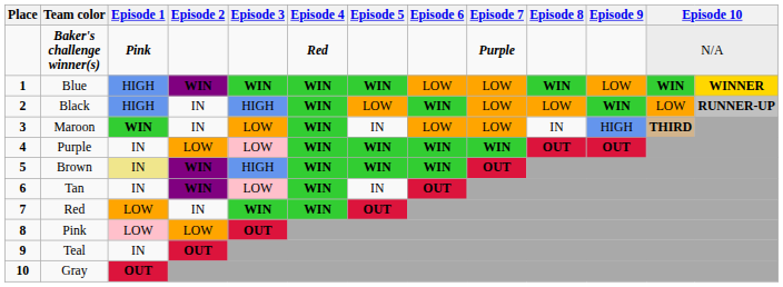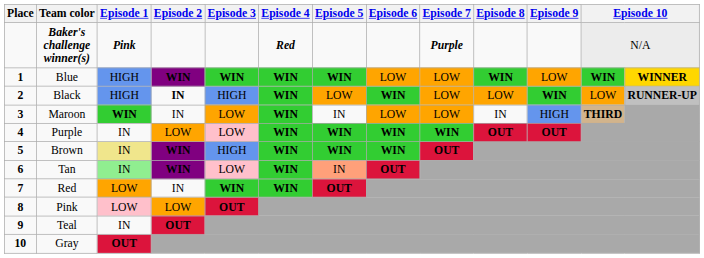 <table class="wikitable plainrowheaders" style="text-align:center;">
 <tr>
 <th scope="col">Place</th>
 <th scope="col">Team color</th>
 <th scope="col"><a href='#'>Episode 1</a></th>
 <th scope="col"><a href='#'>Episode 2</a></th>
 <th scope="col"><a href='#'>Episode 3</a></th>
 <th scope="col"><a href='#'>Episode 4</a></th>
 <th scope="col"><a href='#'>Episode 5</a></th>
 <th scope="col"><a href='#'>Episode 6</a></th>
 <th scope="col"><a href='#'>Episode 7</a></th>
 <th scope="col"><a href='#'>Episode 8</a></th>
 <th scope="col"><a href='#'>Episode 9</a></th>
 <th scope="col" colspan="2"><a href='#'>Episode 10</a></th>
 </tr>
 <tr>
 <td scope="row"></td>
 <td><strong><em>Baker's<br>challenge<br>winner(s)</em></strong></td>
 <td><span><strong><em>Pink</em></strong></span></td>
 <td></td>
 <td></td>
 <td><span><strong><em>Red</em></strong></span></td>
 <td></td>
 <td></td>
 <td><span><strong><em>Purple</em></strong></span></td>
 <td></td>
 <td></td>
 <td bgcolor="ECECEC" colspan="2">N/A</td>
 </tr>
 <tr>
 <td scope="row"><strong>1</strong></td>
 <td><span>Blue</span></td>
 <td bgcolor="cornflowerblue">HIGH</td>
 <td bgcolor="purple"><strong>WIN</strong></td>
 <td bgcolor="limegreen"><strong>WIN</strong></td>
 <td bgcolor="limegreen"><strong>WIN</strong></td>
 <td bgcolor="limegreen"><strong>WIN</strong></td>
 <td bgcolor="orange">LOW</td>
 <td bgcolor="orange">LOW</td>
 <td bgcolor="limegreen"><strong>WIN</strong></td>
 <td bgcolor="orange">LOW</td>
 <td bgcolor="limegreen"><strong>WIN</strong></td>
 <td bgcolor="gold"><strong>WINNER</strong></td>
 </tr>
 <tr>
 <td scope="row"><strong>2</strong></td>
 <td><span>Black</span></td>
 <td bgcolor="cornflowerblue">HIGH</td>
-<td>IN</td>
+<td><strong>IN</strong></td>
 <td bgcolor="cornflowerblue">HIGH</td>
 <td bgcolor="limegreen"><strong>WIN</strong></td>
 <td bgcolor="orange">LOW</td>
 <td bgcolor="limegreen"><strong>WIN</strong></td>
 <td bgcolor="orange">LOW</td>
 <td bgcolor="orange">LOW</td>
 <td bgcolor="limegreen"><strong>WIN</strong></td>
 <td bgcolor="orange">LOW</td>
 <td bgcolor="silver"><strong>RUNNER-UP</strong></td>
 </tr>
 <tr>
 <td scope="row"><strong>3</strong></td>
 <td><span>Maroon</span></td>
 <td bgcolor="limegreen"><strong>WIN</strong></td>
 <td>IN</td>
 <td bgcolor="orange">LOW</td>
 <td bgcolor="limegreen"><strong>WIN</strong></td>
 <td>IN</td>
 <td bgcolor="orange">LOW</td>
 <td bgcolor="orange">LOW</td>
 <td>IN</td>
 <td bgcolor="cornflowerblue">HIGH</td>
 <td bgcolor="tan"><strong>THIRD</strong></td>
 <td colspan="4" style="background:darkgrey;"></td>
 </tr>
 <tr>
 <td scope="row"><strong>4</strong></td>
 <td><span>Purple</span></td>
 <td>IN</td>
 <td bgcolor="orange">LOW</td>
 <td bgcolor="pink">LOW</td>
 <td bgcolor="limegreen"><strong>WIN</strong></td>
 <td bgcolor="limegreen"><strong>WIN</strong></td>
 <td bgcolor="limegreen"><strong>WIN</strong></td>
 <td bgcolor="limegreen"><strong>WIN</strong></td>
 <td bgcolor="crimson"><strong>OUT</strong></td>
 <td bgcolor="crimson"><strong>OUT</strong></td>
 <td colspan="4" style="background:darkgrey;"></td>
 </tr>
 <tr>
 <td scope="row"><strong>5</strong></td>
 <td><span>Brown</span></td>
 <td style="background: khaki;">IN</td>
 <td bgcolor="purple"><strong>WIN</strong></td>
 <td bgcolor="cornflowerblue">HIGH</td>
 <td bgcolor="limegreen"><strong>WIN</strong> </td>
 <td bgcolor="limegreen"><strong>WIN</strong></td>
 <td bgcolor="limegreen"><strong>WIN</strong></td>
 <td bgcolor="crimson"><strong>OUT</strong></td>
 <td colspan="5" style="background:darkgrey;"></td>
 </tr>
 <tr>
 <td scope="row"><strong>6</strong></td>
 <td><span>Tan</span></td>
-<td>IN</td>
+<td style="background: lightgreen;">IN</td>
 <td bgcolor="purple"><strong>WIN</strong></td>
 <td bgcolor="pink">LOW</td>
 <td bgcolor="limegreen"><strong>WIN</strong></td>
-<td>IN</td>
+<td style="background: lightsalmon;">IN</td>
 <td bgcolor="crimson"><strong>OUT</strong></td>
 <td colspan="6" style="background:darkgrey;"></td>
 </tr>
 <tr>
 <td scope="row"><strong>7</strong></td>
 <td><span>Red</span></td>
 <td bgcolor="orange">LOW</td>
 <td>IN</td>
 <td bgcolor="limegreen"><strong>WIN</strong></td>
 <td bgcolor="limegreen"><strong>WIN</strong></td>
 <td bgcolor="crimson"><strong>OUT</strong></td>
 <td colspan="7" style="background:darkgrey;"></td>
 </tr>
 <tr>
 <td scope="row"><strong>8</strong></td>
 <td><span>Pink</span></td>
 <td bgcolor="pink">LOW</td>
 <td bgcolor="orange">LOW</td>
 <td bgcolor="crimson"><strong>OUT</strong></td>
 <td colspan="8" style="background:darkgrey;"></td>
 </tr>
 <tr>
 <td scope="row"><strong>9</strong></td>
 <td><span>Teal</span></td>
 <td>IN</td>
 <td bgcolor="crimson"><strong>OUT</strong></td>
 <td colspan="9" style="background:darkgrey;"></td>
 </tr>
 <tr>
 <td scope="row"><strong>10</strong></td>
 <td><span>Gray</span></td>
 <td bgcolor="crimson"><strong>OUT</strong></td>
 <td colspan="10" style="background:darkgrey;"></td>
 </tr>
 </table>
